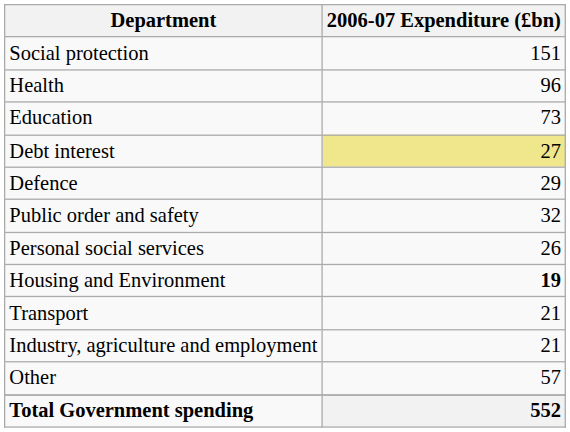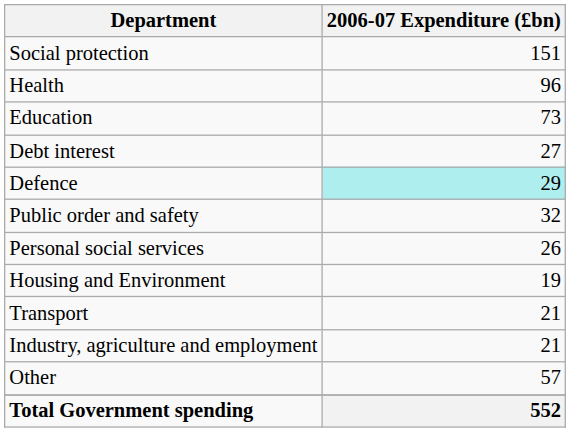 <table class="wikitable sortable">
 <tr>
 <th>Department</th>
 <th style="text-align: right">2006-07 Expenditure (£bn)</th>
 </tr>
 <tr>
 <td>Social protection</td>
 <td style="text-align: right">151</td>
 </tr>
 <tr>
 <td>Health</td>
 <td style="text-align: right">96</td>
 </tr>
 <tr>
 <td>Education</td>
 <td style="text-align: right">73</td>
 </tr>
 <tr>
 <td>Debt interest</td>
-<td style="background: khaki; text-align: right">27</td>
+<td style="text-align: right">27</td>
 </tr>
 <tr>
 <td>Defence</td>
-<td style="text-align: right">29</td>
+<td style="background: paleturquoise; text-align: right">29</td>
 </tr>
 <tr>
 <td>Public order and safety</td>
 <td style="text-align: right">32</td>
 </tr>
 <tr>
 <td>Personal social services</td>
 <td style="text-align: right">26</td>
 </tr>
 <tr>
 <td>Housing and Environment</td>
-<td style="text-align: right"><strong>19</strong></td>
+<td style="text-align: right">19</td>
 </tr>
 <tr>
 <td>Transport</td>
 <td style="text-align: right">21</td>
 </tr>
 <tr>
 <td>Industry, agriculture and employment</td>
 <td style="text-align: right">21</td>
 </tr>
 <tr>
 <td>Other</td>
 <td style="text-align: right">57</td>
 </tr>
 <tr>
 </tr>
 <tr class="sortbottom">
 <td style="text-align: left"><strong>Total Government spending</strong></td>
 <th style="text-align: right">552</th>
 </tr>
 </table>
